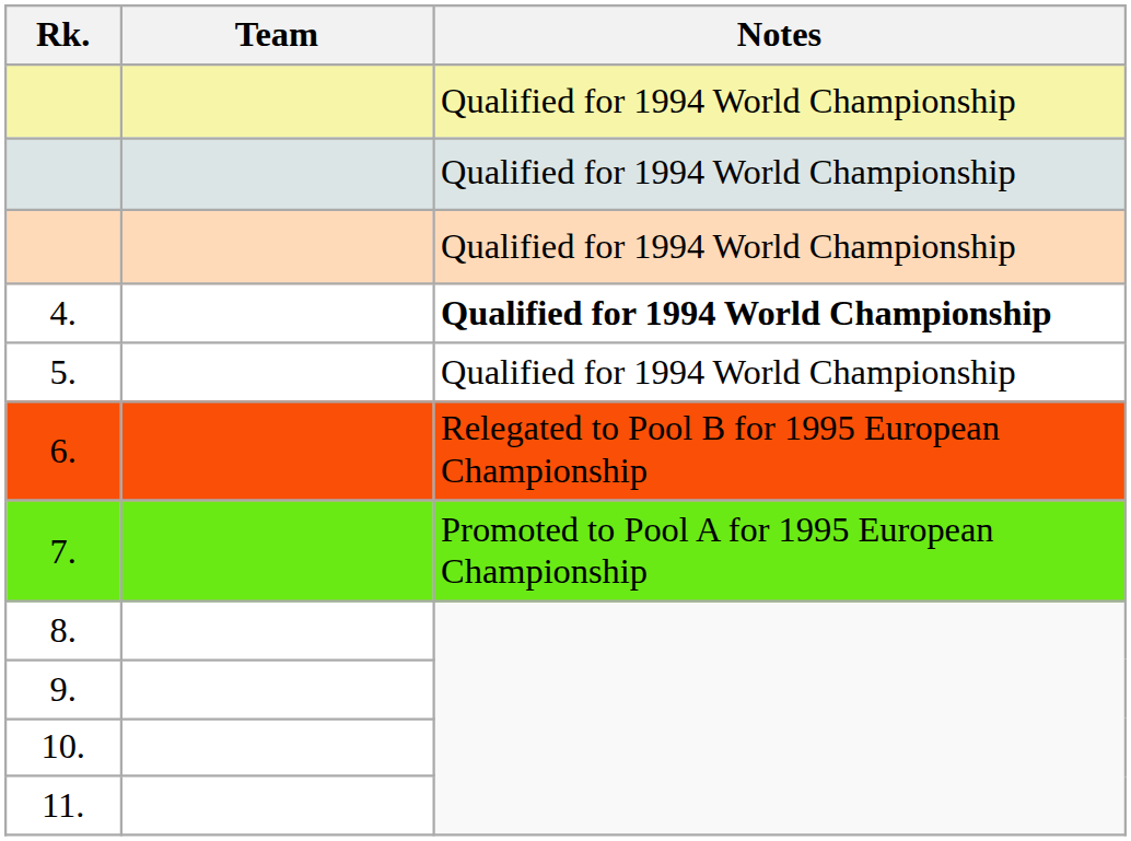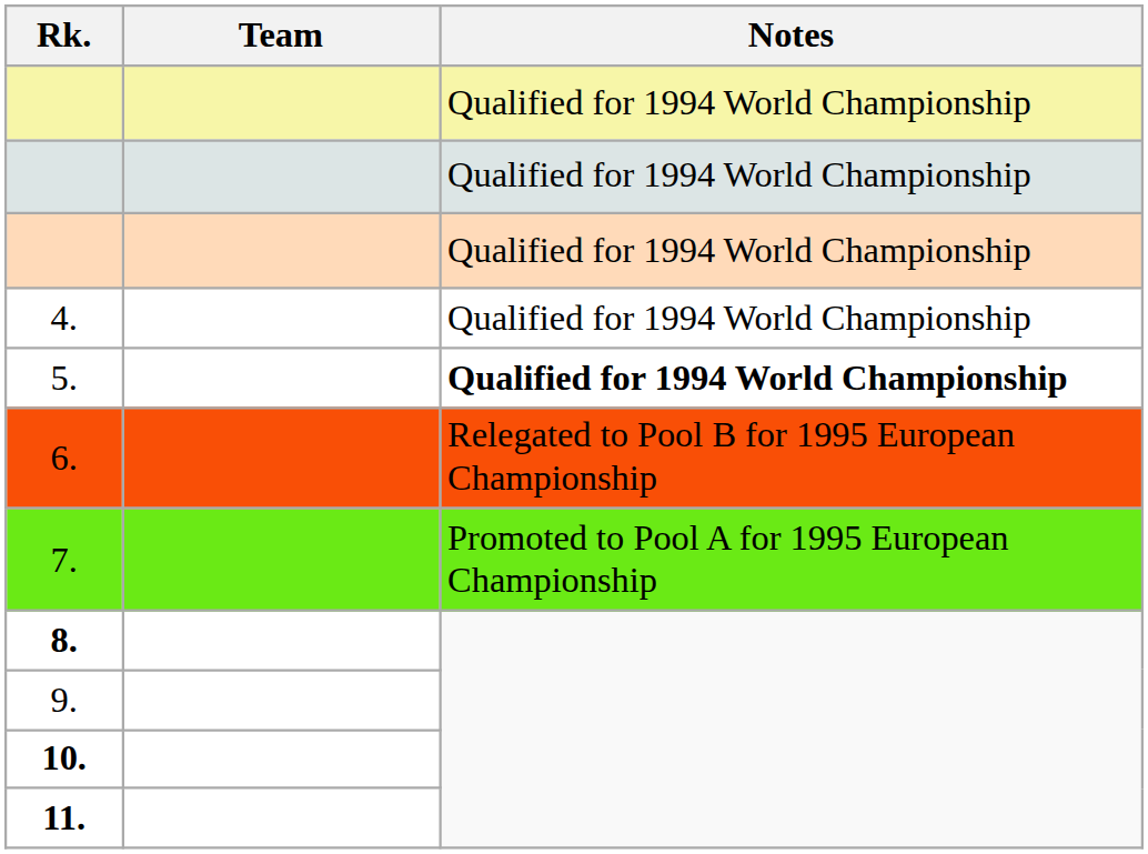 <table class="wikitable" style="border:1px solid #AAAAAA;font-size:90%">
 <tr bgcolor="#E4E4E4">
 <th style="border-bottom:1px solid #AAAAAA" width=40>Rk.</th>
 <th style="border-bottom:1px solid #AAAAAA" width=120>Team</th>
 <th style="border-bottom:1px solid #AAAAAA" width=275>Notes</th>
 </tr>
 <tr bgcolor="#F7F6A8">
 <td align="center" style="height:23px"></td>
 <td><strong></strong></td>
 <td>Qualified for 1994 World Championship</td>
 </tr>
 <tr bgcolor="#DCE5E5">
 <td align="center" style="height:23px"></td>
 <td></td>
 <td>Qualified for 1994 World Championship</td>
 </tr>
 <tr bgcolor="#FFDAB9">
 <td align="center" style="height:23px"></td>
 <td></td>
 <td>Qualified for 1994 World Championship</td>
 </tr>
 <tr style="background:#ffffff;">
 <td align="center">4.</td>
 <td></td>
-<td><strong>Qualified for 1994 World Championship</strong></td>
+<td>Qualified for 1994 World Championship</td>
 </tr>
 <tr style="background:#ffffff;">
 <td align="center">5.</td>
 <td></td>
-<td>Qualified for 1994 World Championship</td>
+<td><strong>Qualified for 1994 World Championship</strong></td>
 </tr>
 <tr style="background:#f94f06;">
 <td align="center">6.</td>
 <td></td>
 <td>Relegated to Pool B for 1995 European Championship</td>
 </tr>
 <tr style="background:#6aEa15;">
 <td align="center">7.</td>
 <td></td>
 <td>Promoted to Pool A for 1995 European Championship</td>
 </tr>
 <tr style="background:#ffffff;">
-<td align="center">8.</td>
+<td align="center"><strong>8.</strong></td>
 <td></td>
 </tr>
 <tr style="background:#ffffff;">
 <td align="center">9.</td>
 <td></td>
 </tr>
 <tr style="background:#ffffff;">
-<td align="center">10.</td>
+<td align="center"><strong>10.</strong></td>
 <td></td>
 </tr>
 <tr style="background:#ffffff;">
-<td align="center">11.</td>
+<td align="center"><strong>11.</strong></td>
 <td></td>
 </tr>
 </table>
